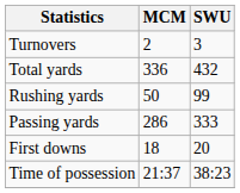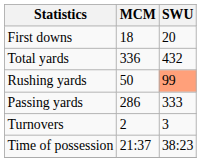 <table class="wikitable">
 <tr>
 <th>Statistics</th>
 <th>MCM</th>
 <th>SWU</th>
 </tr>
 <tr>
-<td>Turnovers</td>
-<td>2</td>
-<td>3</td>
+<td>First downs</td>
+<td>18</td>
+<td>20</td>
 </tr>
 <tr>
 <td>Total yards</td>
 <td>336</td>
 <td>432</td>
 </tr>
 <tr>
 <td>Rushing yards</td>
 <td>50</td>
-<td>99</td>
+<td style="background: lightsalmon;">99</td>
 </tr>
 <tr>
 <td>Passing yards</td>
 <td>286</td>
 <td>333</td>
 </tr>
 <tr>
-<td>First downs</td>
-<td>18</td>
-<td>20</td>
+<td>Turnovers</td>
+<td>2</td>
+<td>3</td>
 </tr>
 <tr>
 <td>Time of possession</td>
 <td>21:37</td>
 <td>38:23</td>
 </tr>
 <tr>
 </tr>
 </table>
